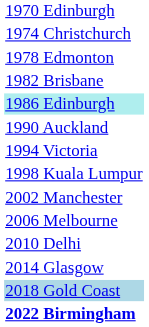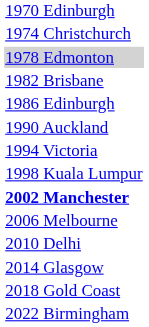 <table>
 <tr>
 <td><a href='#'>1970 Edinburgh</a><br></td>
 <td></td>
 <td></td>
 <td></td>
 </tr>
 <tr>
 <td><a href='#'>1974 Christchurch</a><br></td>
 <td></td>
 <td></td>
 <td></td>
 </tr>
 <tr>
-<td><a href='#'>1978 Edmonton</a><br></td>
+<td style="background: lightgrey;"><a href='#'>1978 Edmonton</a><br></td>
 <td></td>
 <td></td>
 <td></td>
 </tr>
 <tr>
 <td><a href='#'>1982 Brisbane</a><br></td>
 <td></td>
 <td></td>
 <td></td>
 </tr>
 <tr>
-<td style="background: paleturquoise;"><a href='#'>1986 Edinburgh</a><br></td>
+<td><a href='#'>1986 Edinburgh</a><br></td>
 <td></td>
 <td></td>
 <td></td>
 </tr>
 <tr>
 <td><a href='#'>1990 Auckland</a><br></td>
 <td></td>
 <td></td>
 <td></td>
 </tr>
 <tr>
 <td><a href='#'>1994 Victoria</a><br></td>
 <td></td>
 <td></td>
 <td></td>
 </tr>
 <tr>
 <td><a href='#'>1998 Kuala Lumpur</a><br></td>
 <td></td>
 <td></td>
 <td></td>
 </tr>
 <tr>
-<td><a href='#'>2002 Manchester</a><br></td>
+<td><strong><a href='#'>2002 Manchester</a><br></strong></td>
 <td></td>
 <td></td>
 <td></td>
 </tr>
 <tr>
 <td><a href='#'>2006 Melbourne</a><br></td>
 <td></td>
 <td></td>
 <td></td>
 </tr>
 <tr>
 <td><a href='#'>2010 Delhi</a><br></td>
 <td></td>
 <td></td>
 <td></td>
 </tr>
 <tr>
 <td><a href='#'>2014 Glasgow</a><br></td>
 <td></td>
 <td></td>
 <td></td>
 </tr>
 <tr>
-<td style="background: lightblue;"><a href='#'>2018 Gold Coast</a><br></td>
+<td><a href='#'>2018 Gold Coast</a><br></td>
 <td></td>
 <td></td>
 <td></td>
 </tr>
 <tr>
-<td><strong><a href='#'>2022 Birmingham</a><br></strong></td>
+<td><a href='#'>2022 Birmingham</a><br></td>
 <td></td>
 <td></td>
 <td></td>
 </tr>
 </table>
